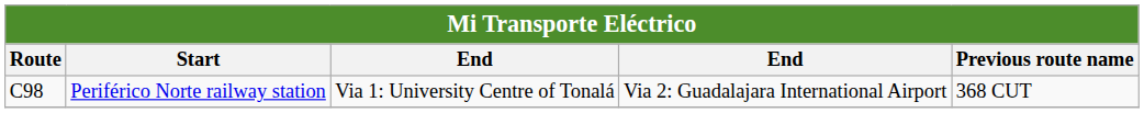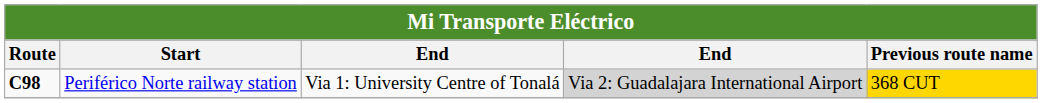 <table class="wikitable">
 <tr>
 <td colspan="14" style="text-align: center; font-size: larger;color:#ffffff;" bgcolor="#4C8D2B"><strong>Mi Transporte Eléctrico</strong></td>
 </tr>
 <tr>
 <th>Route</th>
 <th>Start</th>
 <th>End</th>
 <th>End</th>
 <th>Previous route name</th>
 </tr>
 <tr>
-<td>C98</td>
+<td><strong>C98</strong></td>
 <td><a href='#'>Periférico Norte railway station</a></td>
 <td>Via 1: University Centre of Tonalá</td>
-<td>Via 2: Guadalajara International Airport</td>
-<td>368 CUT</td>
+<td style="background: lightgrey;">Via 2: Guadalajara International Airport</td>
+<td style="background: gold;">368 CUT</td>
 </tr>
 <tr>
 </tr>
 </table>
